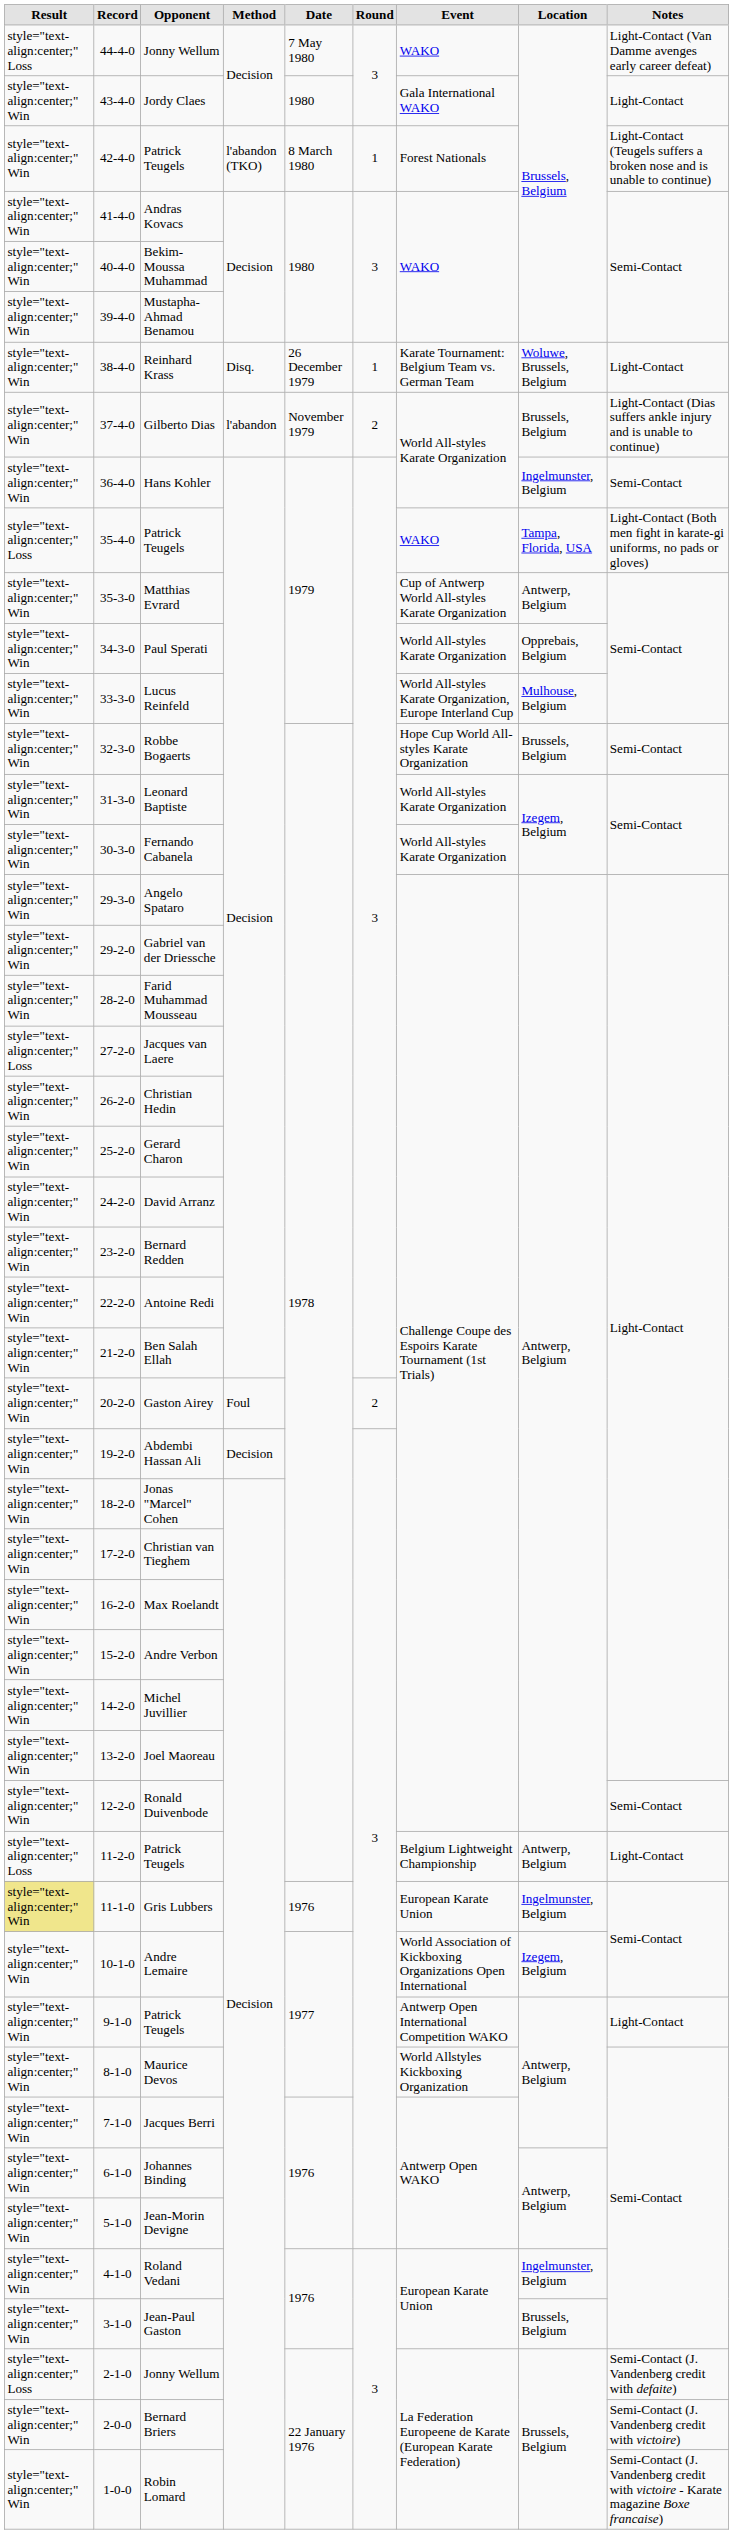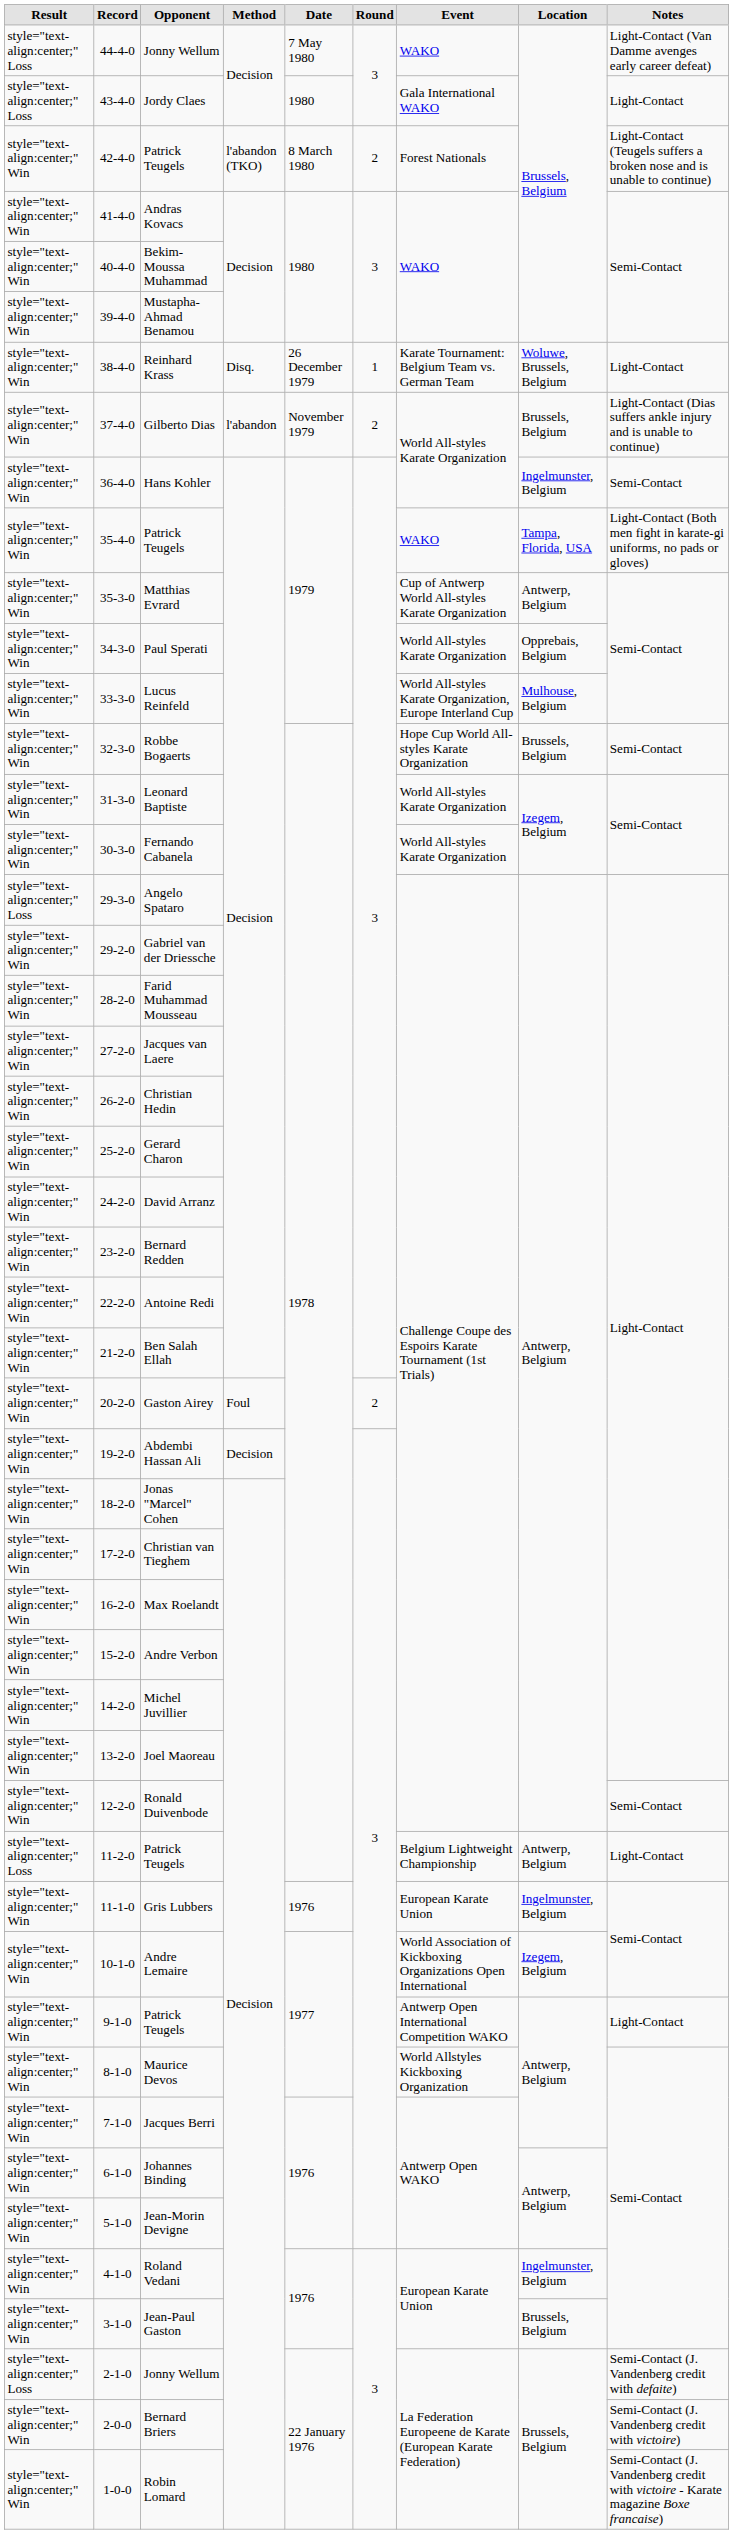 <table class="wikitable sortable" style="margin:0.5em auto; text-align:left; width:100%;">
 <tr>
 <th style="border-style:none none solid solid; background:#e3e3e3;">Result</th>
 <th style="border-style:none none solid solid; background:#e3e3e3;">Record</th>
 <th style="border-style:none none solid solid; background:#e3e3e3;">Opponent</th>
 <th style="border-style:none none solid solid; background:#e3e3e3;">Method</th>
 <th style="border-style:none none solid solid; background:#e3e3e3;">Date</th>
 <th style="border-style:none none solid solid; background:#e3e3e3;">Round</th>
 <th style="border-style:none none solid solid; background:#e3e3e3;">Event</th>
 <th style="border-style:none none solid solid; background:#e3e3e3;">Location</th>
 <th style="border-style:none none solid solid; background:#e3e3e3;">Notes</th>
 </tr>
 <tr>
 <td>style="text-align:center;" Loss</td>
 <td style="text-align:center;">44-4-0</td>
 <td align='left'> Jonny Wellum</td>
 <td rowspan="2" style="text-align:left;">Decision</td>
 <td align='left'>7 May 1980</td>
 <td rowspan="2" style="text-align:center;">3</td>
 <td align='left'><a href='#'>WAKO</a></td>
 <td rowspan="6"><a href='#'>Brussels</a>, <a href='#'>Belgium</a></td>
 <td>Light-Contact (Van Damme avenges early career defeat)</td>
 </tr>
 <tr>
-<td>style="text-align:center;" Win</td>
+<td>style="text-align:center;" Loss</td>
 <td style="text-align:center;">43-4-0</td>
 <td align='left'> Jordy Claes</td>
 <td align='left'>1980</td>
 <td align='left'>Gala International <a href='#'>WAKO</a></td>
 <td>Light-Contact</td>
 </tr>
 <tr>
 <td>style="text-align:center;" Win</td>
 <td style="text-align:center;">42-4-0</td>
 <td align='left'> Patrick Teugels</td>
 <td align='left'>l'abandon (TKO)</td>
 <td align='left'>8 March 1980</td>
-<td style="text-align:center;">1</td>
+<td style="text-align:center;">2</td>
 <td align='left'>Forest Nationals</td>
 <td>Light-Contact (Teugels suffers a broken nose and is unable to continue)</td>
 </tr>
 <tr>
 <td>style="text-align:center;" Win</td>
 <td style="text-align:center;">41-4-0</td>
 <td align='left'> Andras Kovacs</td>
 <td rowspan="3" style="text-align:left;">Decision</td>
 <td rowspan="3" style="text-align:left;">1980</td>
 <td rowspan="3" style="text-align:center;">3</td>
 <td rowspan="3" style="text-align:left;"><a href='#'>WAKO</a></td>
 <td rowspan="3">Semi-Contact</td>
 </tr>
 <tr>
 <td>style="text-align:center;" Win</td>
 <td style="text-align:center;">40-4-0</td>
 <td align='left'> Bekim-Moussa Muhammad</td>
 </tr>
 <tr>
 <td>style="text-align:center;" Win</td>
 <td style="text-align:center;">39-4-0</td>
 <td align='left'> Mustapha-Ahmad Benamou</td>
 </tr>
 <tr>
 <td>style="text-align:center;" Win</td>
 <td style="text-align:center;">38-4-0</td>
 <td align='left'> Reinhard Krass</td>
 <td align='left'>Disq.</td>
 <td align='left'>26 December 1979</td>
 <td style="text-align:center;">1</td>
 <td align='left'>Karate Tournament: Belgium Team vs. German Team</td>
 <td><a href='#'>Woluwe</a>, Brussels, Belgium</td>
 <td>Light-Contact</td>
 </tr>
 <tr>
 <td>style="text-align:center;" Win</td>
 <td style="text-align:center;">37-4-0</td>
 <td align='left'> Gilberto Dias</td>
 <td align='left'>l'abandon</td>
 <td align='left'>November 1979</td>
 <td style="text-align:center;">2</td>
 <td rowspan="2" style="text-align:left;">World All-styles Karate Organization</td>
 <td>Brussels, Belgium</td>
 <td>Light-Contact (Dias suffers ankle injury and is unable to continue)</td>
 </tr>
 <tr>
 <td>style="text-align:center;" Win</td>
 <td style="text-align:center;">36-4-0</td>
 <td align='left'> Hans Kohler</td>
 <td rowspan="18" style="text-align:left;">Decision</td>
 <td rowspan="5" style="text-align:left;">1979</td>
 <td rowspan="18" style="text-align:center;">3</td>
 <td><a href='#'>Ingelmunster</a>, Belgium</td>
 <td>Semi-Contact</td>
 </tr>
 <tr>
-<td>style="text-align:center;" Loss</td>
+<td>style="text-align:center;" Win</td>
 <td style="text-align:center;">35-4-0</td>
 <td align='left'> Patrick Teugels</td>
 <td align='left'><a href='#'>WAKO</a></td>
 <td><a href='#'>Tampa</a>, <a href='#'>Florida</a>, <a href='#'>USA</a></td>
 <td>Light-Contact (Both men fight in karate-gi uniforms, no pads or gloves)</td>
 </tr>
 <tr>
 <td>style="text-align:center;" Win</td>
 <td style="text-align:center;">35-3-0</td>
 <td align='left'> Matthias Evrard</td>
 <td align='left'>Cup of Antwerp World All-styles Karate Organization</td>
 <td>Antwerp, Belgium</td>
 <td rowspan="3">Semi-Contact</td>
 </tr>
 <tr>
 <td>style="text-align:center;" Win</td>
 <td style="text-align:center;">34-3-0</td>
 <td align='left'> Paul Sperati</td>
 <td align='left'>World All-styles Karate Organization</td>
 <td>Opprebais, Belgium</td>
 </tr>
 <tr>
 <td>style="text-align:center;" Win</td>
 <td style="text-align:center;">33-3-0</td>
 <td align='left'> Lucus Reinfeld</td>
 <td align='left'>World All-styles Karate Organization, Europe Interland Cup</td>
 <td><a href='#'>Mulhouse</a>, Belgium</td>
 </tr>
 <tr>
 <td>style="text-align:center;" Win</td>
 <td style="text-align:center;">32-3-0</td>
 <td align='left'> Robbe Bogaerts</td>
 <td rowspan="23" style="text-align:left;">1978</td>
 <td align='left'>Hope Cup World All-styles Karate Organization</td>
 <td>Brussels, Belgium</td>
 <td>Semi-Contact</td>
 </tr>
 <tr>
 <td>style="text-align:center;" Win</td>
 <td style="text-align:center;">31-3-0</td>
 <td align='left'> Leonard Baptiste</td>
 <td align='left'>World All-styles Karate Organization</td>
 <td rowspan="2"><a href='#'>Izegem</a>, Belgium</td>
 <td rowspan="2">Semi-Contact</td>
 </tr>
 <tr>
 <td>style="text-align:center;" Win</td>
 <td style="text-align:center;">30-3-0</td>
 <td align='left'> Fernando Cabanela</td>
 <td align='left'>World All-styles Karate Organization</td>
 </tr>
 <tr>
-<td>style="text-align:center;" Win</td>
+<td>style="text-align:center;" Loss</td>
 <td style="text-align:center;">29-3-0</td>
 <td align='left'> Angelo Spataro</td>
 <td rowspan="19" style="text-align:left;">Challenge Coupe des Espoirs Karate Tournament (1st Trials)</td>
 <td rowspan="19">Antwerp, Belgium</td>
 <td rowspan="18">Light-Contact</td>
 </tr>
 <tr>
 <td>style="text-align:center;" Win</td>
 <td style="text-align:center;">29-2-0</td>
 <td align='left'> Gabriel van der Driessche</td>
 </tr>
 <tr>
 <td>style="text-align:center;" Win</td>
 <td style="text-align:center;">28-2-0</td>
 <td align='left'> Farid Muhammad Mousseau</td>
 </tr>
 <tr>
-<td>style="text-align:center;" Loss</td>
+<td>style="text-align:center;" Win</td>
 <td style="text-align:center;">27-2-0</td>
 <td align='left'> Jacques van Laere</td>
 </tr>
 <tr>
 <td>style="text-align:center;" Win</td>
 <td style="text-align:center;">26-2-0</td>
 <td align='left'> Christian Hedin</td>
 </tr>
 <tr>
 <td>style="text-align:center;" Win</td>
 <td style="text-align:center;">25-2-0</td>
 <td align='left'> Gerard Charon</td>
 </tr>
 <tr>
 <td>style="text-align:center;" Win</td>
 <td style="text-align:center;">24-2-0</td>
 <td align='left'> David Arranz</td>
 </tr>
 <tr>
 <td>style="text-align:center;" Win</td>
 <td style="text-align:center;">23-2-0</td>
 <td align='left'> Bernard Redden</td>
 </tr>
 <tr>
 <td>style="text-align:center;" Win</td>
 <td style="text-align:center;">22-2-0</td>
 <td align='left'> Antoine Redi</td>
 </tr>
 <tr>
 <td>style="text-align:center;" Win</td>
 <td style="text-align:center;">21-2-0</td>
 <td align='left'> Ben Salah Ellah</td>
 </tr>
 <tr>
 <td>style="text-align:center;" Win</td>
 <td style="text-align:center;">20-2-0</td>
 <td align='left'> Gaston Airey</td>
 <td align='left'>Foul</td>
 <td style="text-align:center;">2</td>
 </tr>
 <tr>
 <td>style="text-align:center;" Win</td>
 <td style="text-align:center;">19-2-0</td>
 <td align='left'> Abdembi Hassan Ali</td>
 <td align='left'>Decision</td>
 <td rowspan="16" style="text-align:center;">3</td>
 </tr>
 <tr>
 <td>style="text-align:center;" Win</td>
 <td style="text-align:center;">18-2-0</td>
 <td align='left'> Jonas "Marcel" Cohen</td>
 <td rowspan="20" style="text-align:left;">Decision</td>
 </tr>
 <tr>
 <td>style="text-align:center;" Win</td>
 <td style="text-align:center;">17-2-0</td>
 <td align='left'> Christian van Tieghem</td>
 </tr>
 <tr>
 <td>style="text-align:center;" Win</td>
 <td style="text-align:center;">16-2-0</td>
 <td align='left'> Max Roelandt</td>
 </tr>
 <tr>
 <td>style="text-align:center;" Win</td>
 <td style="text-align:center;">15-2-0</td>
 <td align='left'> Andre Verbon</td>
 </tr>
 <tr>
 <td>style="text-align:center;" Win</td>
 <td style="text-align:center;">14-2-0</td>
 <td align='left'> Michel Juvillier</td>
 </tr>
 <tr>
 <td>style="text-align:center;" Win</td>
 <td style="text-align:center;">13-2-0</td>
 <td align='left'> Joel Maoreau</td>
 </tr>
 <tr>
 <td>style="text-align:center;" Win</td>
 <td style="text-align:center;">12-2-0</td>
 <td align='left'> Ronald Duivenbode</td>
 <td>Semi-Contact</td>
 </tr>
 <tr>
 <td>style="text-align:center;" Loss</td>
 <td style="text-align:center;">11-2-0</td>
 <td align='left'> Patrick Teugels</td>
 <td align='left'>Belgium Lightweight Championship</td>
 <td>Antwerp, Belgium</td>
 <td>Light-Contact</td>
 </tr>
 <tr>
-<td style="background: khaki;">style="text-align:center;" Win</td>
+<td>style="text-align:center;" Win</td>
 <td style="text-align:center;">11-1-0</td>
 <td align='left'> Gris Lubbers</td>
 <td align='left'>1976</td>
 <td align='left'>European Karate Union</td>
 <td><a href='#'>Ingelmunster</a>, Belgium</td>
 <td rowspan="2">Semi-Contact</td>
 </tr>
 <tr>
 <td>style="text-align:center;" Win</td>
 <td style="text-align:center;">10-1-0</td>
 <td align='left'> Andre Lemaire</td>
 <td rowspan="3" style="text-align:left;">1977</td>
 <td align='left'>World Association of Kickboxing Organizations Open International</td>
 <td><a href='#'>Izegem</a>, Belgium</td>
 </tr>
 <tr>
 <td>style="text-align:center;" Win</td>
 <td style="text-align:center;">9-1-0</td>
 <td align='left'> Patrick Teugels</td>
 <td align='left'>Antwerp Open International Competition WAKO</td>
 <td rowspan="3">Antwerp, Belgium</td>
 <td>Light-Contact</td>
 </tr>
 <tr>
 <td>style="text-align:center;" Win</td>
 <td style="text-align:center;">8-1-0</td>
 <td align='left'> Maurice Devos</td>
 <td align='left'>World Allstyles Kickboxing Organization</td>
 <td rowspan="6">Semi-Contact</td>
 </tr>
 <tr>
 <td>style="text-align:center;" Win</td>
 <td style="text-align:center;">7-1-0</td>
 <td align='left'> Jacques Berri</td>
 <td rowspan="3" style="text-align:left;">1976</td>
 <td rowspan="3" style="text-align:left;">Antwerp Open WAKO</td>
 </tr>
 <tr>
 <td>style="text-align:center;" Win</td>
 <td style="text-align:center;">6-1-0</td>
 <td align='left'> Johannes Binding</td>
 <td rowspan="2">Antwerp, Belgium</td>
 </tr>
 <tr>
 <td>style="text-align:center;" Win</td>
 <td style="text-align:center;">5-1-0</td>
 <td align='left'> Jean-Morin Devigne</td>
 </tr>
 <tr>
 <td>style="text-align:center;" Win</td>
 <td style="text-align:center;">4-1-0</td>
 <td align='left'> Roland Vedani</td>
 <td rowspan="2" style="text-align:left;">1976</td>
 <td rowspan="5" style="text-align:center;">3</td>
 <td rowspan="2" style="text-align:left;">European Karate Union</td>
 <td><a href='#'>Ingelmunster</a>, Belgium</td>
 </tr>
 <tr>
 <td>style="text-align:center;" Win</td>
 <td style="text-align:center;">3-1-0</td>
 <td align='left'> Jean-Paul Gaston</td>
 <td>Brussels, Belgium</td>
 </tr>
 <tr>
 <td>style="text-align:center;" Loss</td>
 <td style="text-align:center;">2-1-0</td>
 <td align='left'> Jonny Wellum</td>
 <td rowspan="3" style="text-align:left;">22 January 1976</td>
 <td rowspan="3" style="text-align:left;">La Federation Europeene de Karate (European Karate Federation)</td>
 <td rowspan="3">Brussels, Belgium</td>
 <td>Semi-Contact (J. Vandenberg credit with <em>defaite</em>)</td>
 </tr>
 <tr>
 <td>style="text-align:center;" Win</td>
 <td style="text-align:center;">2-0-0</td>
 <td align='left'> Bernard Briers</td>
 <td>Semi-Contact (J. Vandenberg credit with <em>victoire</em>)</td>
 </tr>
 <tr>
 <td>style="text-align:center;" Win</td>
 <td style="text-align:center;">1-0-0</td>
 <td align='left'> Robin Lomard</td>
 <td>Semi-Contact (J. Vandenberg credit with <em>victoire</em> - Karate magazine <em>Boxe francaise</em>)</td>
 </tr>
 </table>
